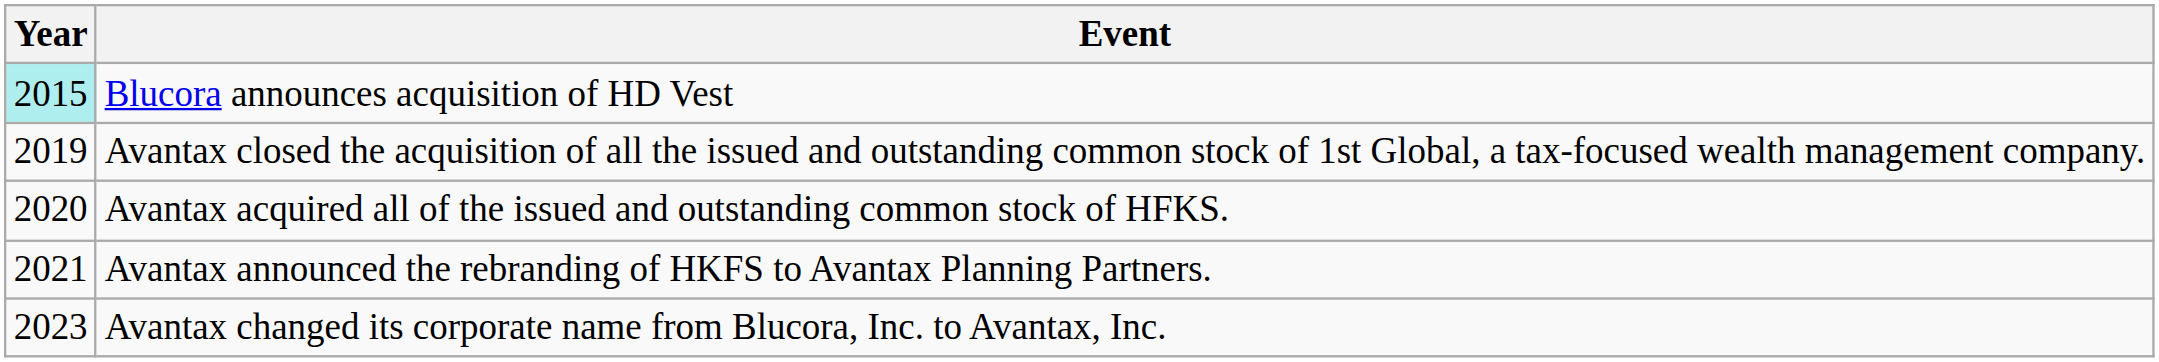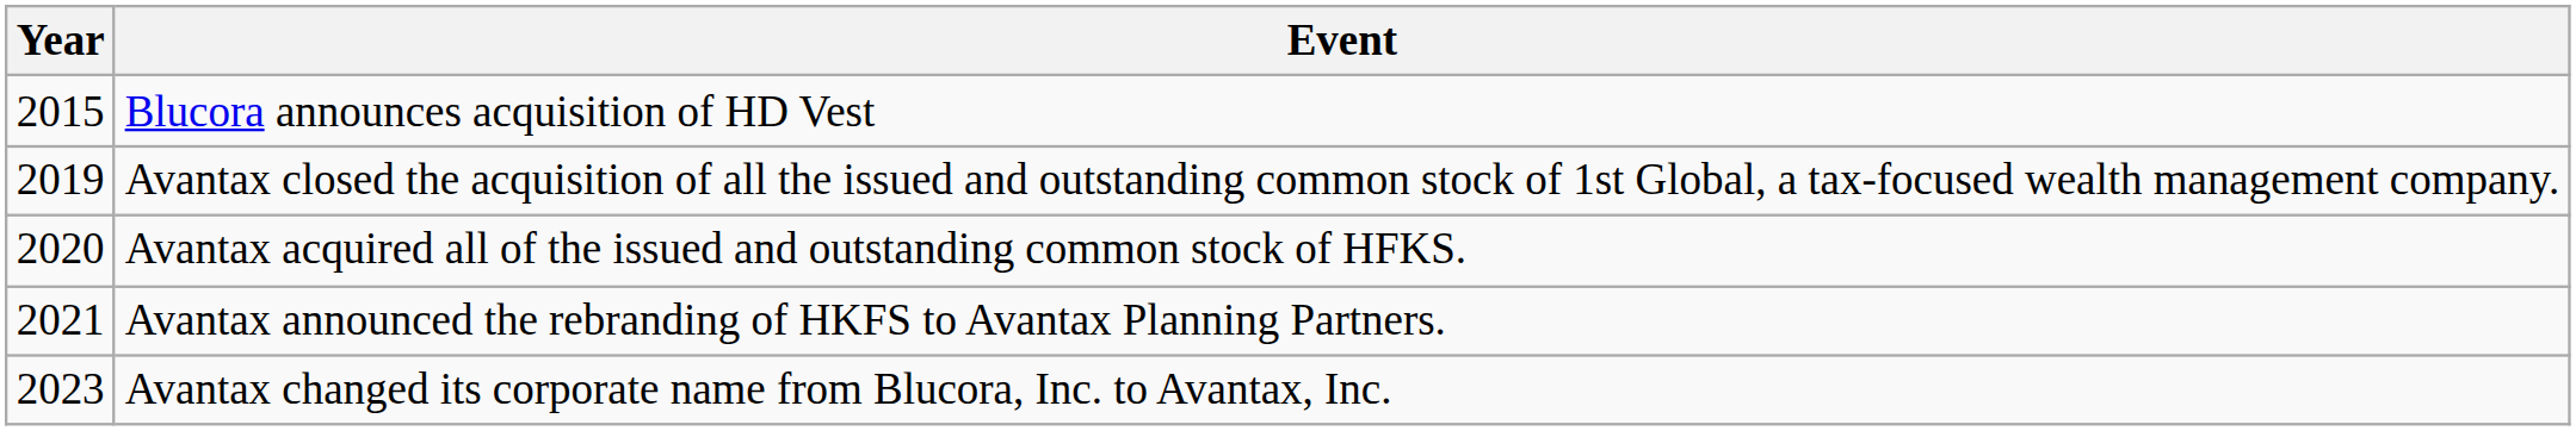 <table class="wikitable">
 <tr>
 <th>Year</th>
 <th>Event</th>
 </tr>
 <tr>
-<td style="background: paleturquoise;">2015</td>
+<td>2015</td>
 <td><a href='#'>Blucora</a> announces acquisition of HD Vest</td>
 </tr>
 <tr>
 <td>2019</td>
 <td>Avantax closed the acquisition of all the issued and outstanding common stock of 1st Global, a tax-focused wealth management company.</td>
 </tr>
 <tr>
 <td>2020</td>
 <td>Avantax acquired all of the issued and outstanding common stock of HFKS.</td>
 </tr>
 <tr>
 <td>2021</td>
 <td>Avantax announced the rebranding of HKFS to Avantax Planning Partners.</td>
 </tr>
 <tr>
 <td>2023</td>
 <td>Avantax changed its corporate name from Blucora, Inc. to Avantax, Inc.</td>
 </tr>
 </table>
